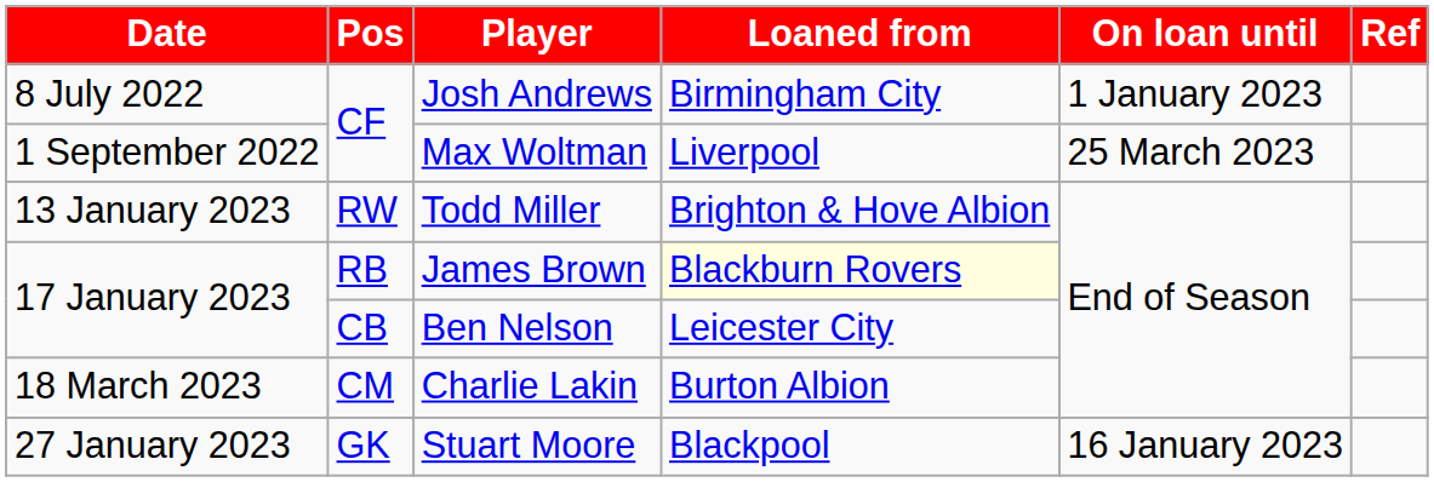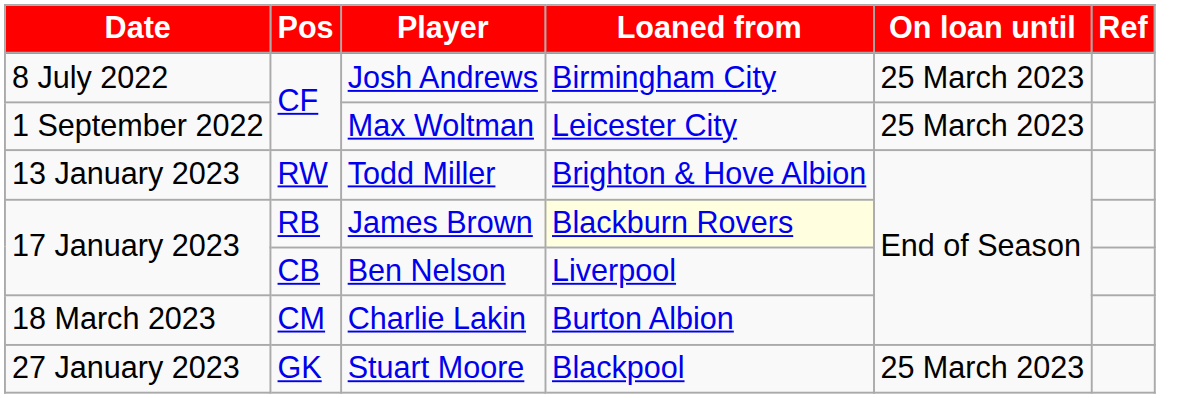 <table class="wikitable plainrowheaders sortable">
 <tr>
 <th style="background:#ff0000; color:#fff; ">Date</th>
 <th style="background:#ff0000; color:#fff; ">Pos</th>
 <th style="background:#ff0000; color:#fff; ">Player</th>
 <th style="background:#ff0000; color:#fff; ">Loaned from</th>
 <th style="background:#ff0000; color:#fff; ">On loan until</th>
 <th style="background:#ff0000; color:#fff; ">Ref</th>
 </tr>
 <tr>
 <td>8 July 2022</td>
 <td rowspan="2"><a href='#'>CF</a></td>
 <td> <a href='#'>Josh Andrews</a></td>
 <td> <a href='#'>Birmingham City</a></td>
-<td>1 January 2023</td>
+<td>25 March 2023</td>
 <td></td>
 </tr>
 <tr>
 <td>1 September 2022</td>
 <td> <a href='#'>Max Woltman</a></td>
-<td> <a href='#'>Liverpool</a></td>
+<td> <a href='#'>Leicester City</a></td>
 <td>25 March 2023</td>
 <td></td>
 </tr>
 <tr>
 <td>13 January 2023</td>
 <td><a href='#'>RW</a></td>
 <td> <a href='#'>Todd Miller</a></td>
 <td> <a href='#'>Brighton & Hove Albion</a></td>
 <td rowspan="4">End of Season</td>
 <td></td>
 </tr>
 <tr>
 <td rowspan="2">17 January 2023</td>
 <td><a href='#'>RB</a></td>
 <td> <a href='#'>James Brown</a></td>
 <td style="background: lightyellow;"> <a href='#'>Blackburn Rovers</a></td>
 <td></td>
 </tr>
 <tr>
 <td><a href='#'>CB</a></td>
 <td> <a href='#'>Ben Nelson</a></td>
-<td> <a href='#'>Leicester City</a></td>
+<td> <a href='#'>Liverpool</a></td>
 <td></td>
 </tr>
 <tr>
 <td>18 March 2023</td>
 <td><a href='#'>CM</a></td>
 <td> <a href='#'>Charlie Lakin</a></td>
 <td> <a href='#'>Burton Albion</a></td>
 <td></td>
 </tr>
 <tr>
 <td>27 January 2023</td>
 <td><a href='#'>GK</a></td>
 <td> <a href='#'>Stuart Moore</a></td>
 <td> <a href='#'>Blackpool</a></td>
-<td>16 January 2023</td>
+<td>25 March 2023</td>
 <td></td>
 </tr>
 </table>
